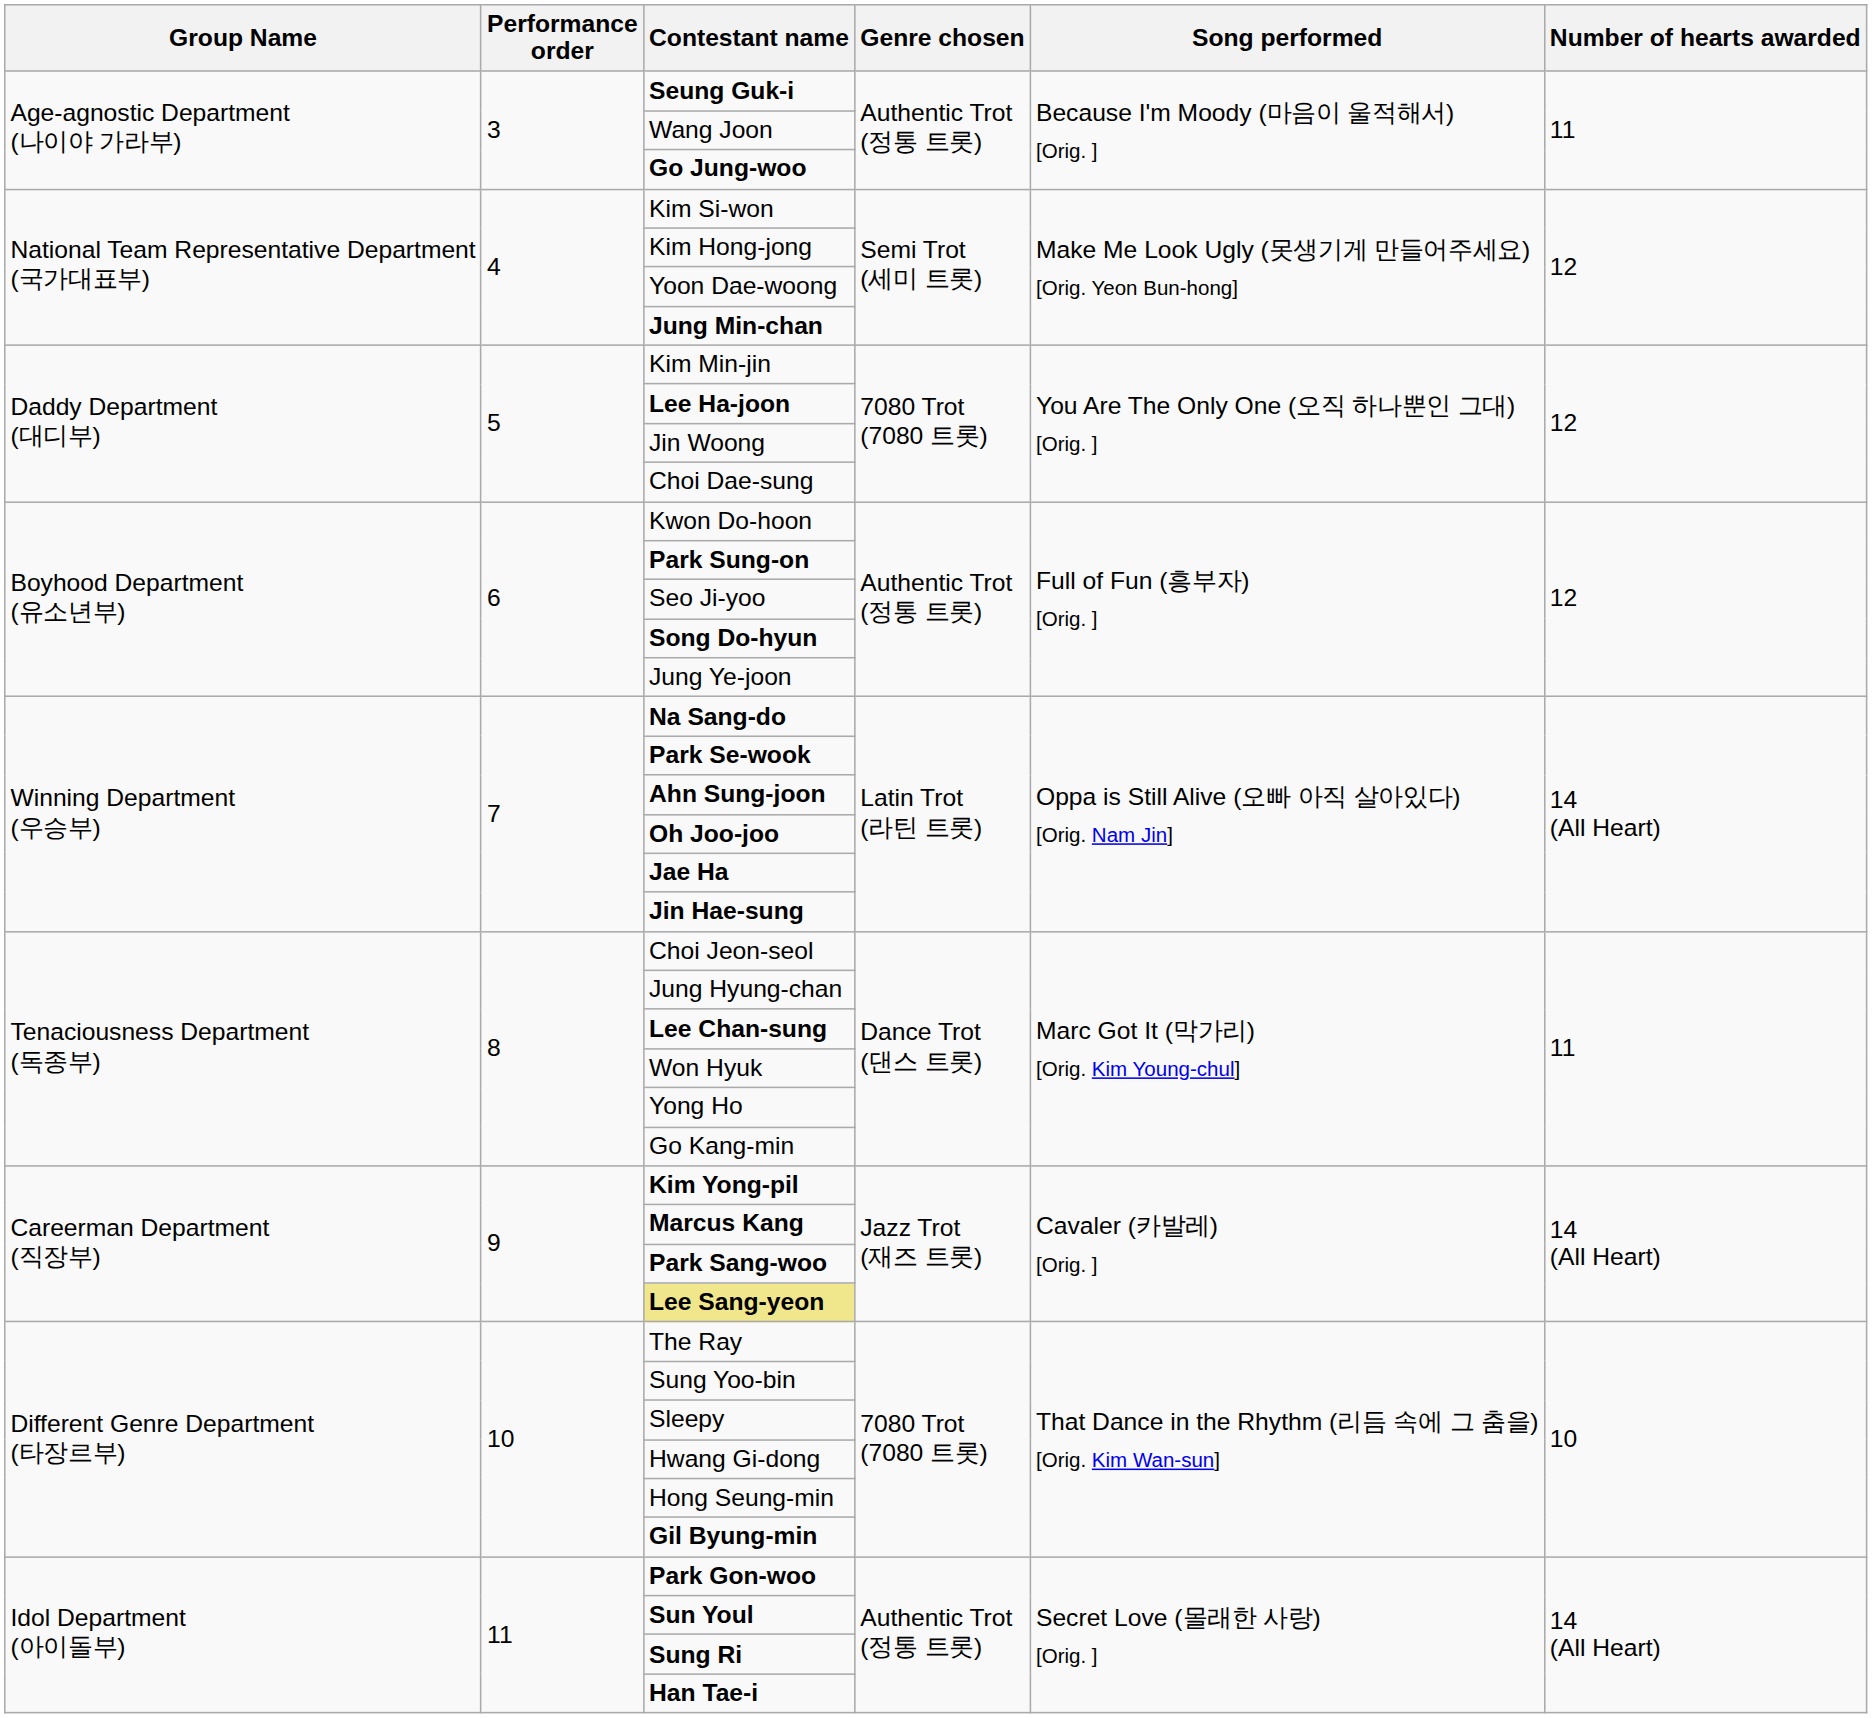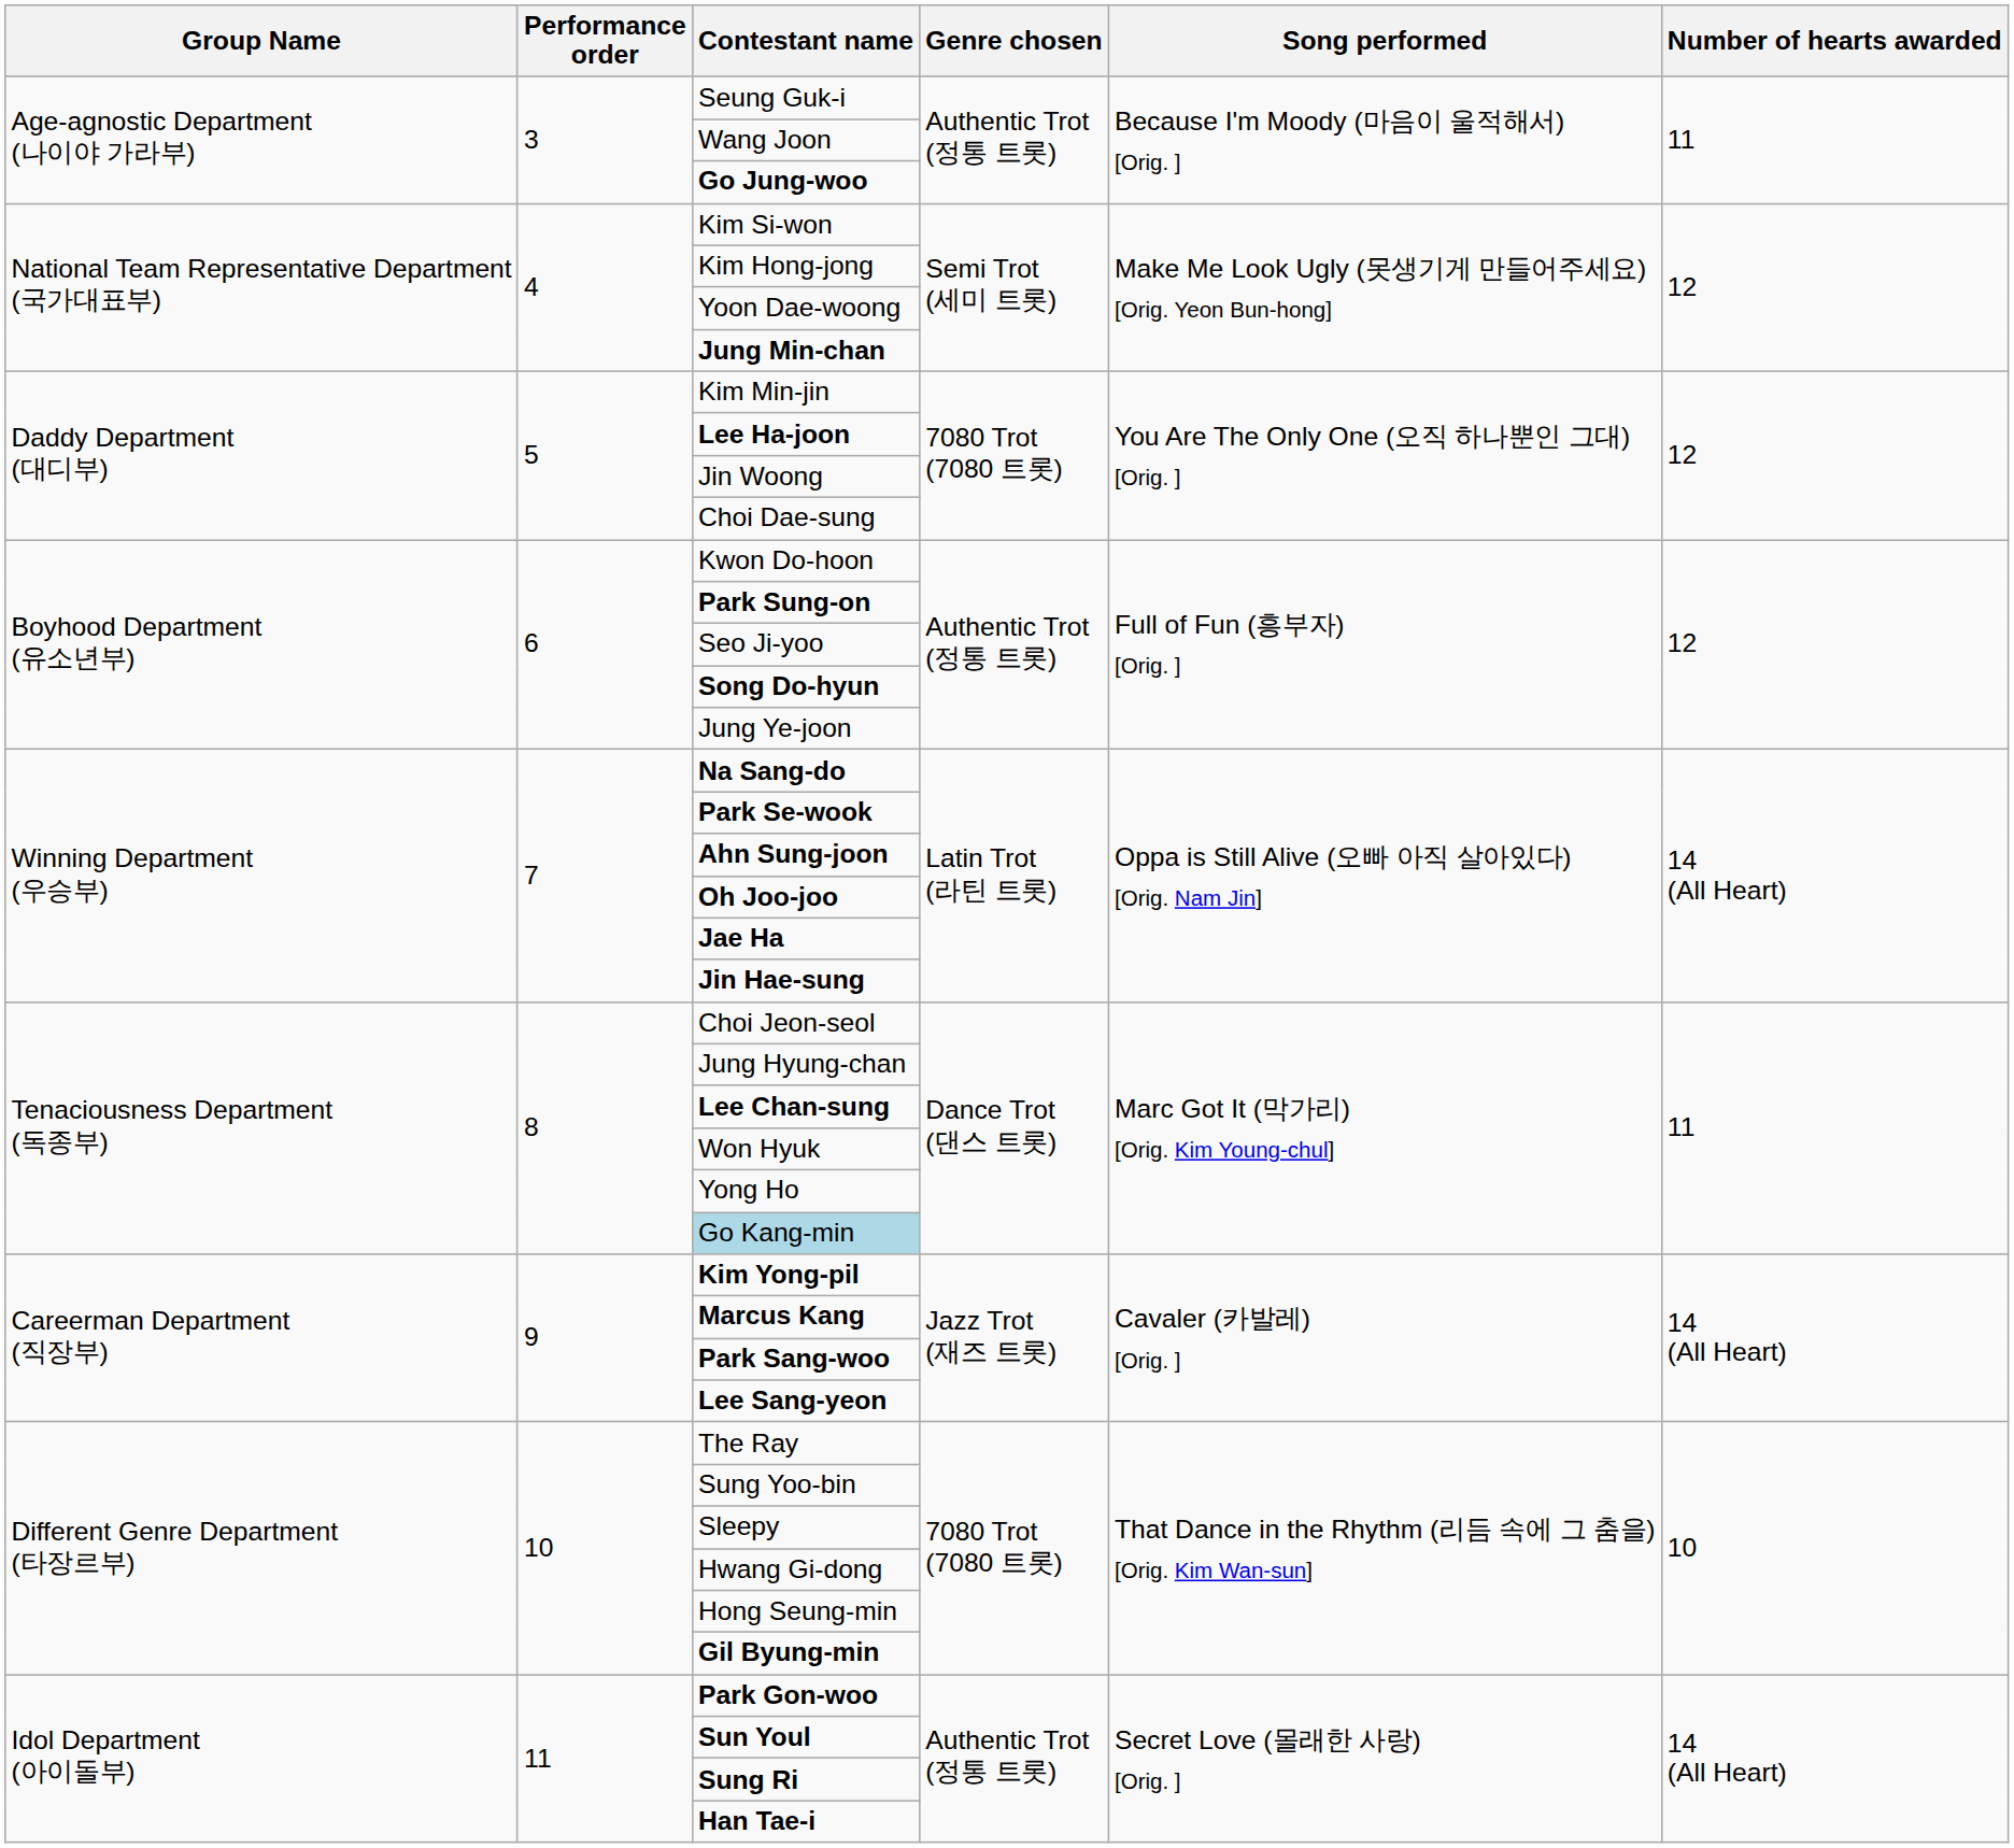 <table class="wikitable">
 <tr>
 <th>Group Name</th>
 <th>Performance<br>order</th>
 <th>Contestant name</th>
 <th>Genre chosen</th>
 <th>Song performed</th>
 <th>Number of hearts awarded</th>
 </tr>
 <tr>
 <td rowspan=3>Age-agnostic Department<br>(나이야 가라부)</td>
 <td rowspan=3>3</td>
-<td><strong>Seung Guk-i</strong></td>
+<td>Seung Guk-i</td>
 <td rowspan=3>Authentic Trot<br>(정통 트롯)</td>
 <td rowspan=3>Because I'm Moody (마음이 울적해서)<br><sub>[Orig. ]</sub></td>
 <td rowspan=3>11</td>
 </tr>
 <tr>
 <td>Wang Joon</td>
 </tr>
 <tr>
 <td><strong>Go Jung-woo</strong></td>
 </tr>
 <tr>
 <td rowspan=4>National Team Representative Department<br>(국가대표부)</td>
 <td rowspan=4>4</td>
 <td>Kim Si-won</td>
 <td rowspan=4>Semi Trot<br>(세미 트롯)</td>
 <td rowspan=4>Make Me Look Ugly (못생기게 만들어주세요)<br><sub>[Orig. Yeon Bun-hong]</sub></td>
 <td rowspan=4>12</td>
 </tr>
 <tr>
 <td>Kim Hong-jong</td>
 </tr>
 <tr>
 <td>Yoon Dae-woong</td>
 </tr>
 <tr>
 <td><strong>Jung Min-chan</strong></td>
 </tr>
 <tr>
 <td rowspan=4>Daddy Department<br>(대디부)</td>
 <td rowspan=4>5</td>
 <td>Kim Min-jin</td>
 <td rowspan=4>7080 Trot<br>(7080 트롯)</td>
 <td rowspan=4>You Are The Only One (오직 하나뿐인 그대)<br><sub>[Orig. ]</sub></td>
 <td rowspan=4>12</td>
 </tr>
 <tr>
 <td><strong>Lee Ha-joon</strong></td>
 </tr>
 <tr>
 <td>Jin Woong</td>
 </tr>
 <tr>
 <td>Choi Dae-sung</td>
 </tr>
 <tr>
 <td rowspan=5>Boyhood Department<br>(유소년부)</td>
 <td rowspan=5>6</td>
 <td>Kwon Do-hoon</td>
 <td rowspan=5>Authentic Trot<br>(정통 트롯)</td>
 <td rowspan=5>Full of Fun (흥부자)<br><sub>[Orig. ]</sub></td>
 <td rowspan=5>12</td>
 </tr>
 <tr>
 <td><strong>Park Sung-on</strong></td>
 </tr>
 <tr>
 <td>Seo Ji-yoo</td>
 </tr>
 <tr>
 <td><strong>Song Do-hyun</strong></td>
 </tr>
 <tr>
 <td>Jung Ye-joon</td>
 </tr>
 <tr>
 <td rowspan=6>Winning Department<br>(우승부)</td>
 <td rowspan=6>7</td>
 <td><strong>Na Sang-do</strong></td>
 <td rowspan=6>Latin Trot<br>(라틴 트롯)</td>
 <td rowspan=6>Oppa is Still Alive (오빠 아직 살아있다)<br><sub>[Orig. <a href='#'>Nam Jin</a>]</sub></td>
 <td rowspan=6>14<br>(All Heart)</td>
 </tr>
 <tr>
 <td><strong>Park Se-wook</strong></td>
 </tr>
 <tr>
 <td><strong>Ahn Sung-joon</strong></td>
 </tr>
 <tr>
 <td><strong>Oh Joo-joo</strong></td>
 </tr>
 <tr>
 <td><strong>Jae Ha</strong></td>
 </tr>
 <tr>
 <td><strong>Jin Hae-sung</strong></td>
 </tr>
 <tr>
 <td rowspan=6>Tenaciousness Department<br>(독종부)</td>
 <td rowspan=6>8</td>
 <td>Choi Jeon-seol</td>
 <td rowspan=6>Dance Trot<br>(댄스 트롯)</td>
 <td rowspan=6>Marc Got It (막가리)<br><sub>[Orig. <a href='#'>Kim Young-chul</a>]</sub></td>
 <td rowspan=6>11</td>
 </tr>
 <tr>
 <td>Jung Hyung-chan</td>
 </tr>
 <tr>
 <td><strong>Lee Chan-sung</strong></td>
 </tr>
 <tr>
 <td>Won Hyuk</td>
 </tr>
 <tr>
 <td>Yong Ho</td>
 </tr>
 <tr>
-<td>Go Kang-min</td>
+<td style="background: lightblue;">Go Kang-min</td>
 </tr>
 <tr>
 <td rowspan=4>Careerman Department<br>(직장부)</td>
 <td rowspan=4>9</td>
 <td><strong>Kim Yong-pil</strong></td>
 <td rowspan=4>Jazz Trot<br>(재즈 트롯)</td>
 <td rowspan=4>Cavaler (카발레)<br><sub>[Orig. ]</sub></td>
 <td rowspan=4>14<br>(All Heart)</td>
 </tr>
 <tr>
 <td><strong>Marcus Kang</strong></td>
 </tr>
 <tr>
 <td><strong>Park Sang-woo</strong></td>
 </tr>
 <tr>
-<td style="background: khaki;"><strong>Lee Sang-yeon</strong></td>
+<td><strong>Lee Sang-yeon</strong></td>
 </tr>
 <tr>
 <td rowspan=6>Different Genre Department<br>(타장르부)</td>
 <td rowspan=6>10</td>
 <td>The Ray</td>
 <td rowspan=6>7080 Trot<br>(7080 트롯)</td>
 <td rowspan=6>That Dance in the Rhythm (리듬 속에 그 춤을)<br><sub>[Orig. <a href='#'>Kim Wan-sun</a>]</sub></td>
 <td rowspan=6>10</td>
 </tr>
 <tr>
 <td>Sung Yoo-bin</td>
 </tr>
 <tr>
 <td>Sleepy</td>
 </tr>
 <tr>
 <td>Hwang Gi-dong</td>
 </tr>
 <tr>
 <td>Hong Seung-min</td>
 </tr>
 <tr>
 <td><strong>Gil Byung-min</strong></td>
 </tr>
 <tr>
 <td rowspan=4>Idol Department<br>(아이돌부)</td>
 <td rowspan=4>11</td>
 <td><strong>Park Gon-woo</strong></td>
 <td rowspan=4>Authentic Trot<br>(정통 트롯)</td>
 <td rowspan=4>Secret Love (몰래한 사랑)<br><sub>[Orig. ]</sub></td>
 <td rowspan=4>14<br>(All Heart)</td>
 </tr>
 <tr>
 <td><strong>Sun Youl</strong></td>
 </tr>
 <tr>
 <td><strong>Sung Ri</strong></td>
 </tr>
 <tr>
 <td><strong>Han Tae-i</strong></td>
 </tr>
 </table>
